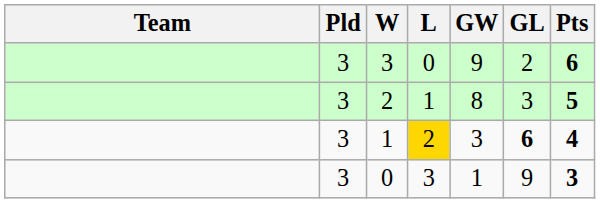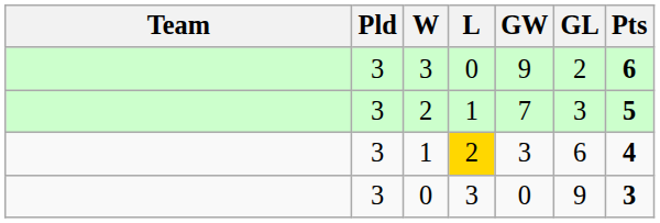 <table class="wikitable" style="text-align:center">
 <tr>
 <th width=200>Team</th>
 <th width=20>Pld</th>
 <th width=20>W</th>
 <th width=20>L</th>
 <th width=20>GW</th>
 <th width=20>GL</th>
 <th width=20>Pts</th>
 </tr>
 <tr bgcolor=ccffcc>
 <td style="text-align:left;"></td>
 <td>3</td>
 <td>3</td>
 <td>0</td>
 <td>9</td>
 <td>2</td>
 <td><strong>6</strong></td>
 </tr>
 <tr bgcolor=ccffcc>
 <td style="text-align:left;"></td>
 <td>3</td>
 <td>2</td>
 <td>1</td>
-<td>8</td>
+<td>7</td>
 <td>3</td>
 <td><strong>5</strong></td>
 </tr>
 <tr>
 <td style="text-align:left;"></td>
 <td>3</td>
 <td>1</td>
 <td style="background: gold;">2</td>
 <td>3</td>
-<td><strong>6</strong></td>
+<td>6</td>
 <td><strong>4</strong></td>
 </tr>
 <tr>
 <td style="text-align:left;"></td>
 <td>3</td>
 <td>0</td>
 <td>3</td>
-<td>1</td>
+<td>0</td>
 <td>9</td>
 <td><strong>3</strong></td>
 </tr>
 </table>
